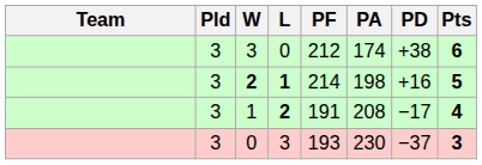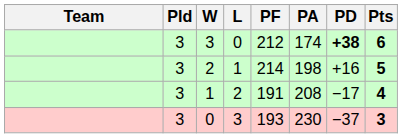 <table class=wikitable>
 <tr align=center>
 </tr>
 <tr>
 <th width=150>Team</th>
 <th width=20>Pld</th>
 <th width=20>W</th>
 <th width=20>L</th>
 <th width=30>PF</th>
 <th width=30>PA</th>
 <th width=30>PD</th>
 <th width=20>Pts</th>
 </tr>
 <tr align=center bgcolor=ccffcc>
 <td align=left></td>
 <td>3</td>
 <td>3</td>
 <td>0</td>
 <td>212</td>
 <td>174</td>
-<td>+38</td>
+<td><strong>+38</strong></td>
 <td><strong>6</strong></td>
 </tr>
 <tr align=center bgcolor=ccffcc>
 <td align=left></td>
 <td>3</td>
-<td><strong>2</strong></td>
-<td><strong>1</strong></td>
+<td>2</td>
+<td>1</td>
 <td>214</td>
 <td>198</td>
 <td>+16</td>
 <td><strong>5</strong></td>
 </tr>
 <tr align=center bgcolor=ccffcc>
 <td align=left></td>
 <td>3</td>
 <td>1</td>
-<td><strong>2</strong></td>
+<td>2</td>
 <td>191</td>
 <td>208</td>
 <td>−17</td>
 <td><strong>4</strong></td>
 </tr>
 <tr align=center bgcolor=ffcccc>
 <td align=left></td>
 <td>3</td>
 <td>0</td>
 <td>3</td>
 <td>193</td>
 <td>230</td>
 <td>−37</td>
 <td><strong>3</strong></td>
 </tr>
 </table>
